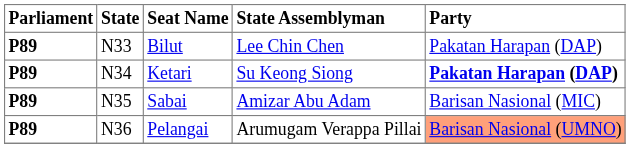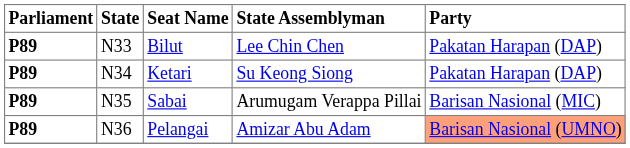 <table class="toccolours sortable" border="1" cellpadding="3" style="border-collapse:collapse; text-align: left;">
 <tr>
 <th align="center">Parliament</th>
 <th>State</th>
 <th>Seat Name</th>
 <th>State Assemblyman</th>
 <th>Party</th>
 </tr>
 <tr>
 <th align="left">P89</th>
 <td>N33</td>
 <td><a href='#'>Bilut</a></td>
 <td><a href='#'>Lee Chin Chen</a></td>
 <td><a href='#'>Pakatan Harapan</a> (<a href='#'>DAP</a>)</td>
 </tr>
 <tr>
 <th align="left">P89</th>
 <td>N34</td>
 <td><a href='#'>Ketari</a></td>
 <td><a href='#'>Su Keong Siong</a></td>
-<td><strong><a href='#'>Pakatan Harapan</a> (<a href='#'>DAP</a>)</strong></td>
+<td><a href='#'>Pakatan Harapan</a> (<a href='#'>DAP</a>)</td>
 </tr>
 <tr>
 <th align="left">P89</th>
 <td>N35</td>
 <td><a href='#'>Sabai</a></td>
-<td><a href='#'>Amizar Abu Adam</a></td>
+<td>Arumugam Verappa Pillai</td>
 <td><a href='#'>Barisan Nasional</a> (<a href='#'>MIC</a>)</td>
 </tr>
 <tr>
 <th align="left">P89</th>
 <td>N36</td>
 <td><a href='#'>Pelangai</a></td>
-<td>Arumugam Verappa Pillai</td>
+<td><a href='#'>Amizar Abu Adam</a></td>
 <td style="background: lightsalmon;"><a href='#'>Barisan Nasional</a> (<a href='#'>UMNO</a>)</td>
 </tr>
 <tr>
 </tr>
 </table>
